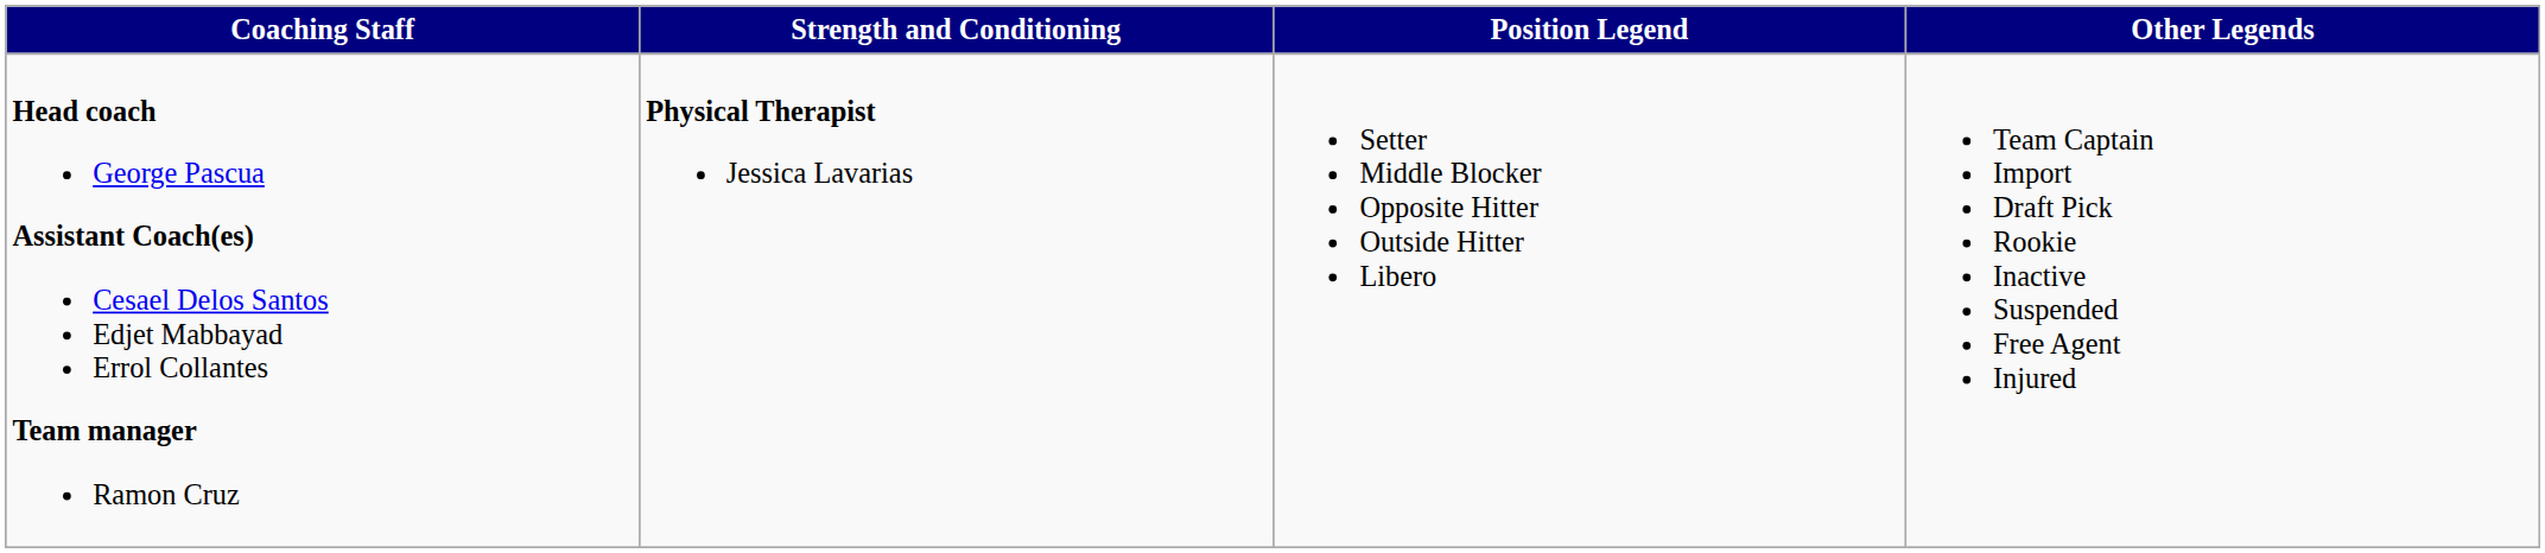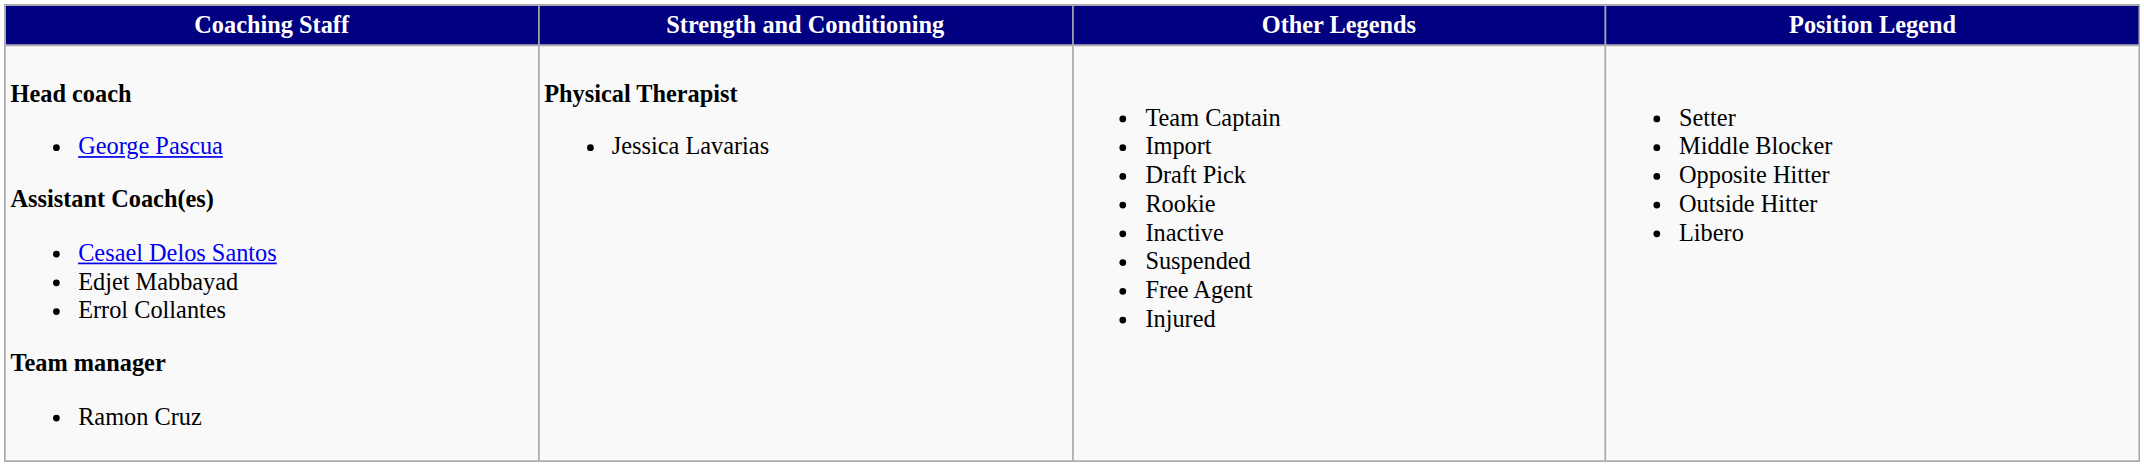 <table class=wikitable style="font-size:90%; width:100%">
 <tr>
 <th style="background:navy; color:white;" width="25%">Coaching Staff</th>
 <th style="background:navy; color:white;" width="25%">Strength and Conditioning</th>
+<th style="background:navy; color:white;" width="25%">Other Legends</th>
 <th style="background:navy; color:white;" width="25%">Position Legend</th>
-<th style="background:navy; color:white;" width="25%">Other Legends</th>
 </tr>
 <tr>
 <td valign="top"><br><strong>Head coach</strong><ul><li> <a href='#'>George Pascua</a></li></ul><strong>Assistant Coach(es)</strong><ul><li> <a href='#'>Cesael Delos Santos</a></li><li> Edjet Mabbayad</li><li> Errol Collantes</li></ul><strong>Team manager</strong><ul><li> Ramon Cruz</li></ul></td>
 <td valign="top"><br><strong>Physical Therapist</strong><ul><li> Jessica Lavarias</li></ul></td>
+<td valign="top"><br><ul><li> Team Captain</li><li> Import</li><li> Draft Pick</li><li> Rookie</li><li> Inactive</li><li> Suspended</li><li> Free Agent</li><li> Injured</li></ul></td>
 <td valign="top"><br><ul><li> Setter</li><li> Middle Blocker</li><li> Opposite Hitter</li><li> Outside Hitter</li><li> Libero</li></ul></td>
-<td valign="top"><br><ul><li> Team Captain</li><li> Import</li><li> Draft Pick</li><li> Rookie</li><li> Inactive</li><li> Suspended</li><li> Free Agent</li><li> Injured</li></ul></td>
 </tr>
 </table>
